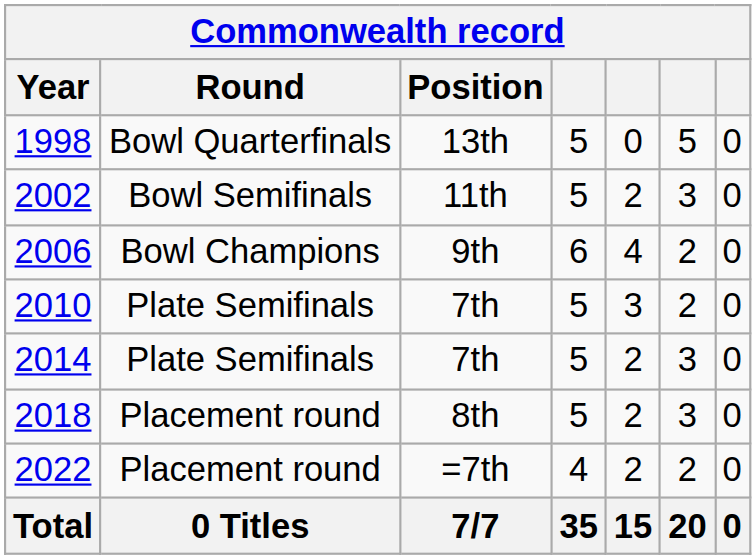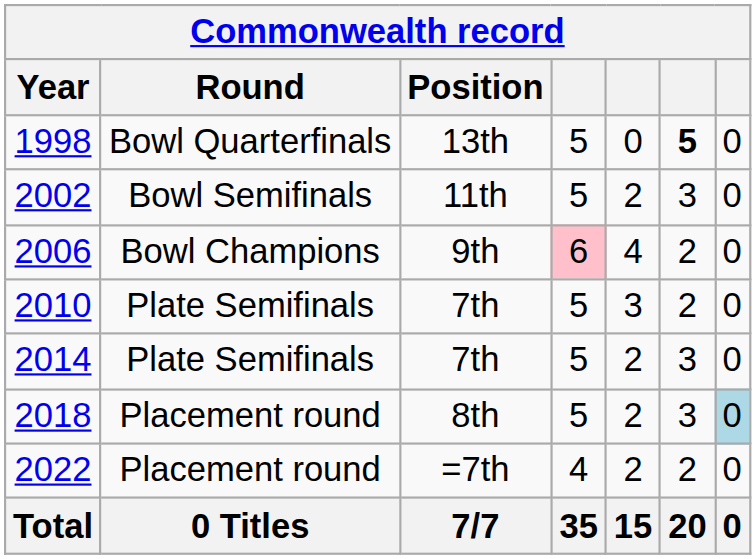 <table class="wikitable" style="text-align: center;">
 <tr>
 <th colspan=7><a href='#'>Commonwealth record</a></th>
 </tr>
 <tr>
 <th>Year</th>
 <th>Round</th>
 <th>Position</th>
 <th></th>
 <th></th>
 <th></th>
 <th></th>
 </tr>
 <tr>
 <td> <a href='#'>1998</a></td>
 <td>Bowl Quarterfinals</td>
 <td>13th</td>
 <td>5</td>
 <td>0</td>
-<td>5</td>
+<td><strong>5</strong></td>
 <td>0</td>
 </tr>
 <tr>
 <td> <a href='#'>2002</a></td>
 <td>Bowl Semifinals</td>
 <td>11th</td>
 <td>5</td>
 <td>2</td>
 <td>3</td>
 <td>0</td>
 </tr>
 <tr>
 <td> <a href='#'>2006</a></td>
 <td>Bowl Champions</td>
 <td>9th</td>
-<td>6</td>
+<td style="background: pink;">6</td>
 <td>4</td>
 <td>2</td>
 <td>0</td>
 </tr>
 <tr>
 <td> <a href='#'>2010</a></td>
 <td>Plate Semifinals</td>
 <td>7th</td>
 <td>5</td>
 <td>3</td>
 <td>2</td>
 <td>0</td>
 </tr>
 <tr>
 <td> <a href='#'>2014</a></td>
 <td>Plate Semifinals</td>
 <td>7th</td>
 <td>5</td>
 <td>2</td>
 <td>3</td>
 <td>0</td>
 </tr>
 <tr>
 <td> <a href='#'>2018</a></td>
 <td>Placement round</td>
 <td>8th</td>
 <td>5</td>
 <td>2</td>
 <td>3</td>
-<td>0</td>
+<td style="background: lightblue;">0</td>
 </tr>
 <tr>
 <td> <a href='#'>2022</a></td>
 <td>Placement round</td>
 <td>=7th</td>
 <td>4</td>
 <td>2</td>
 <td>2</td>
 <td>0</td>
 </tr>
 <tr>
 <th>Total</th>
 <th>0 Titles</th>
 <th>7/7</th>
 <th>35</th>
 <th>15</th>
 <th>20</th>
 <th>0</th>
 </tr>
 </table>
